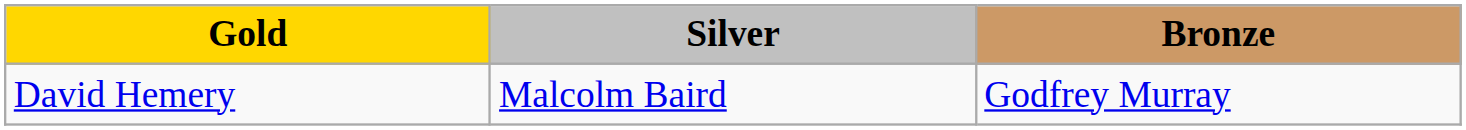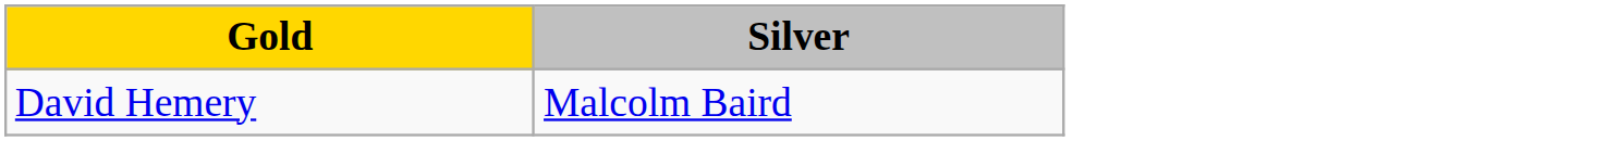 <table class="wikitable" style="text-align:left">
 <tr>
 <th style="background-color:gold; width:200px;">Gold</th>
 <th style="background-color:silver; width:200px;">Silver</th>
-<th style="background-color:#cc9966; width:200px;">Bronze</th>
 </tr>
 <tr>
 <td><a href='#'>David Hemery</a><br><em></em></td>
 <td><a href='#'>Malcolm Baird</a><br><em></em></td>
-<td><a href='#'>Godfrey Murray</a><br><em></em></td>
 </tr>
 </table>
